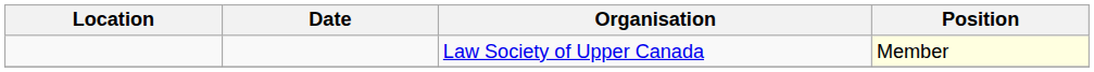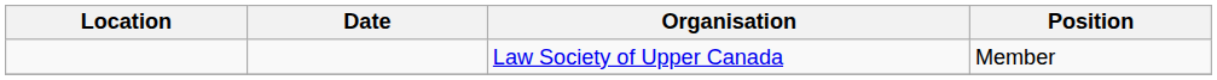 <table class="wikitable" style="width:100%;">
 <tr>
 <th style="width:20%;">Location</th>
 <th style="width:20%;">Date</th>
 <th style="width:40%;">Organisation</th>
 <th style="width:20%;">Position</th>
 </tr>
 <tr>
 <td></td>
 <td></td>
 <td><a href='#'>Law Society of Upper Canada</a></td>
-<td style="background: lightyellow;">Member</td>
+<td>Member</td>
 </tr>
 <tr>
 </tr>
 </table>
